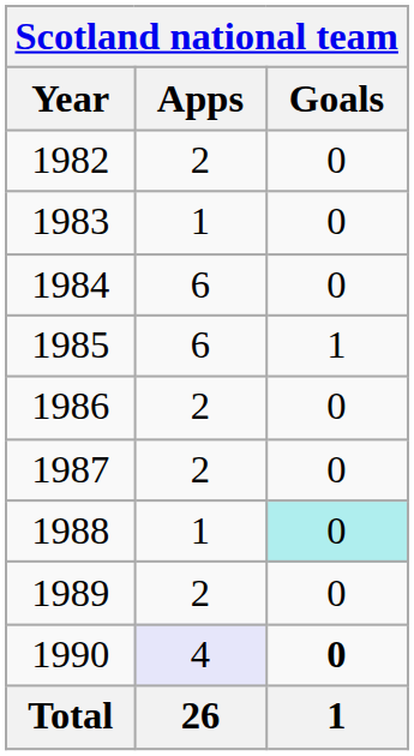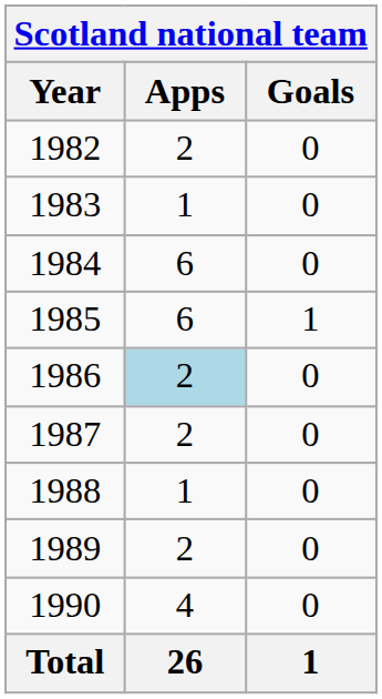 <table class="wikitable" style="text-align:center">
 <tr>
 <th colspan=3><a href='#'>Scotland national team</a></th>
 </tr>
 <tr>
 <th>Year</th>
 <th>Apps</th>
 <th>Goals</th>
 </tr>
 <tr>
 <td>1982</td>
 <td>2</td>
 <td>0</td>
 </tr>
 <tr>
 <td>1983</td>
 <td>1</td>
 <td>0</td>
 </tr>
 <tr>
 <td>1984</td>
 <td>6</td>
 <td>0</td>
 </tr>
 <tr>
 <td>1985</td>
 <td>6</td>
 <td>1</td>
 </tr>
 <tr>
 <td>1986</td>
-<td>2</td>
+<td style="background: lightblue;">2</td>
 <td>0</td>
 </tr>
 <tr>
 <td>1987</td>
 <td>2</td>
 <td>0</td>
 </tr>
 <tr>
 <td>1988</td>
 <td>1</td>
-<td style="background: paleturquoise;">0</td>
+<td>0</td>
 </tr>
 <tr>
 <td>1989</td>
 <td>2</td>
 <td>0</td>
 </tr>
 <tr>
 <td>1990</td>
-<td style="background: lavender;">4</td>
-<td><strong>0</strong></td>
+<td>4</td>
+<td>0</td>
 </tr>
 <tr>
 <th>Total</th>
 <th>26</th>
 <th>1</th>
 </tr>
 </table>
